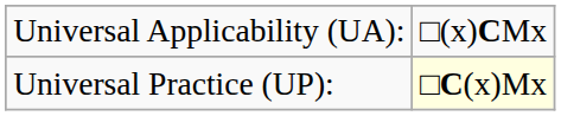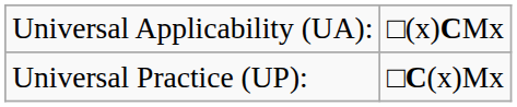 <table class="wikitable">
 <tr>
 <td>Universal Applicability (UA):</td>
 <td>□(x)<strong>C</strong>Mx</td>
 </tr>
 <tr>
 <td>Universal Practice (UP):</td>
-<td style="background: lightyellow;">□<strong>C</strong>(x)Mx</td>
+<td>□<strong>C</strong>(x)Mx</td>
 </tr>
 </table>
